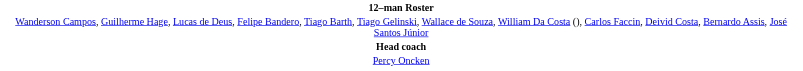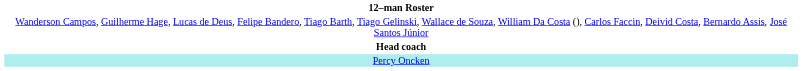 <table style="text-align: center; margin-top: 2em; margin-left: auto; margin-right: auto">
 <tr>
 <td><strong>12–man Roster</strong></td>
 </tr>
 <tr>
 <td><a href='#'>Wanderson Campos</a>, <a href='#'>Guilherme Hage</a>, <a href='#'>Lucas de Deus</a>, <a href='#'>Felipe Bandero</a>, <a href='#'>Tiago Barth</a>, <a href='#'>Tiago Gelinski</a>, <a href='#'>Wallace de Souza</a>, <a href='#'>William Da Costa</a> (), <a href='#'>Carlos Faccin</a>, <a href='#'>Deivid Costa</a>, <a href='#'>Bernardo Assis</a>, <a href='#'>José Santos Júnior</a></td>
 </tr>
 <tr>
 <td><strong>Head coach</strong></td>
 </tr>
 <tr>
-<td><a href='#'>Percy Oncken</a></td>
+<td style="background: paleturquoise;"><a href='#'>Percy Oncken</a></td>
 </tr>
 </table>
